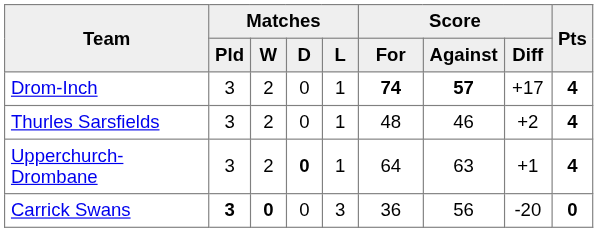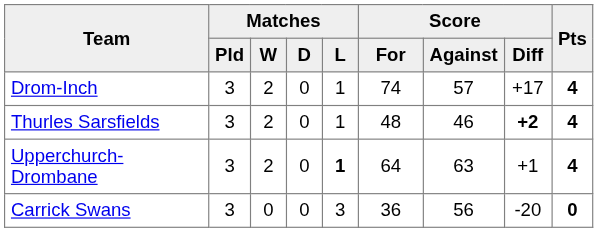 <table style=border-collapse:collapse border=1 cellspacing=0 cellpadding=5>
 <tr align=center bgcolor=#efefef>
 <th rowspan=2 width=165>Team</th>
 <th colspan=4>Matches</th>
 <th colspan=3>Score</th>
 <th rowspan=2width=20>Pts</th>
 </tr>
 <tr align=center bgcolor=#efefef>
 <th width=20>Pld</th>
 <th width=20>W</th>
 <th width=20>D</th>
 <th width=20>L</th>
 <th width=45>For</th>
 <th width=45>Against</th>
 <th width=30>Diff</th>
 </tr>
 <tr align=center>
 <td style="text-align:left;"><a href='#'>Drom-Inch</a></td>
 <td>3</td>
 <td>2</td>
 <td>0</td>
 <td>1</td>
-<td><strong>74</strong></td>
-<td><strong>57</strong></td>
+<td>74</td>
+<td>57</td>
 <td>+17</td>
 <td><strong>4</strong></td>
 </tr>
 <tr align=center>
 <td style="text-align:left;"><a href='#'>Thurles Sarsfields</a></td>
 <td>3</td>
 <td>2</td>
 <td>0</td>
 <td>1</td>
 <td>48</td>
 <td>46</td>
-<td>+2</td>
+<td><strong>+2</strong></td>
 <td><strong>4</strong></td>
 </tr>
 <tr align=center>
 <td style="text-align:left;"><a href='#'>Upperchurch-Drombane</a></td>
 <td>3</td>
 <td>2</td>
-<td><strong>0</strong></td>
-<td>1</td>
+<td>0</td>
+<td><strong>1</strong></td>
 <td>64</td>
 <td>63</td>
 <td>+1</td>
 <td><strong>4</strong></td>
 </tr>
 <tr align=center>
 <td style="text-align:left;"><a href='#'>Carrick Swans</a></td>
-<td><strong>3</strong></td>
-<td><strong>0</strong></td>
+<td>3</td>
+<td>0</td>
 <td>0</td>
 <td>3</td>
 <td>36</td>
 <td>56</td>
 <td>-20</td>
 <td><strong>0</strong></td>
 </tr>
 </table>
